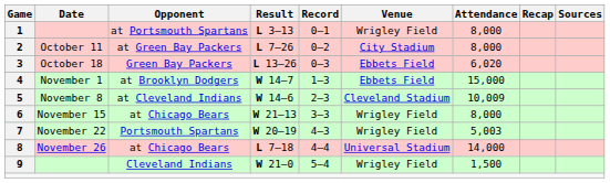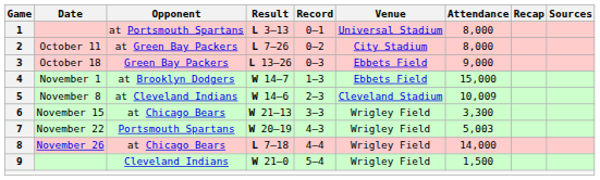 <table class="wikitable" style="text-align:center">
 <tr>
 <th>Game</th>
 <th>Date</th>
 <th>Opponent</th>
 <th>Result</th>
 <th>Record</th>
 <th>Venue</th>
 <th>Attendance</th>
 <th>Recap</th>
 <th>Sources</th>
 </tr>
 <tr style="background:#fcc">
 <th>1</th>
 <td></td>
 <td>at <a href='#'>Portsmouth Spartans</a></td>
 <td><strong>L</strong> 3–13</td>
 <td>0–1</td>
-<td>Wrigley Field</td>
+<td><a href='#'>Universal Stadium</a></td>
 <td>8,000</td>
 <td></td>
 <td></td>
 </tr>
 <tr style="background:#fcc">
 <th>2</th>
 <td>October 11</td>
 <td>at <a href='#'>Green Bay Packers</a></td>
 <td><strong>L</strong> 7–26</td>
 <td>0–2</td>
 <td><a href='#'>City Stadium</a></td>
 <td>8,000</td>
 <td></td>
 <td></td>
 </tr>
 <tr style="background:#fcc">
 <th>3</th>
 <td>October 18</td>
 <td><a href='#'>Green Bay Packers</a></td>
 <td><strong>L</strong> 13–26</td>
 <td>0–3</td>
 <td><a href='#'>Ebbets Field</a></td>
-<td>6,020</td>
+<td>9,000</td>
 <td></td>
 <td></td>
 </tr>
 <tr style="background:#cfc">
 <th>4</th>
 <td>November 1</td>
 <td>at <a href='#'>Brooklyn Dodgers</a></td>
 <td><strong>W</strong> 14–7</td>
 <td>1–3</td>
 <td><a href='#'>Ebbets Field</a></td>
 <td>15,000</td>
 <td></td>
 <td></td>
 </tr>
 <tr style="background:#cfc">
 <th>5</th>
 <td>November 8</td>
 <td>at <a href='#'>Cleveland Indians</a></td>
 <td><strong>W</strong> 14–6</td>
 <td>2–3</td>
 <td><a href='#'>Cleveland Stadium</a></td>
 <td>10,009</td>
 <td></td>
 <td></td>
 </tr>
 <tr style="background:#cfc">
 <th>6</th>
 <td>November 15</td>
 <td>at <a href='#'>Chicago Bears</a></td>
 <td><strong>W</strong> 21–13</td>
 <td>3–3</td>
 <td>Wrigley Field</td>
-<td>8,000</td>
+<td>3,300</td>
 <td></td>
 <td></td>
 </tr>
 <tr style="background:#cfc">
 <th>7</th>
 <td>November 22</td>
 <td><a href='#'>Portsmouth Spartans</a></td>
 <td><strong>W</strong> 20–19</td>
 <td>4–3</td>
 <td>Wrigley Field</td>
 <td>5,003</td>
 <td></td>
 <td></td>
 </tr>
 <tr style="background:#fcc">
 <th>8</th>
 <td><a href='#'>November 26</a></td>
 <td>at <a href='#'>Chicago Bears</a></td>
 <td><strong>L</strong> 7–18</td>
 <td>4–4</td>
-<td><a href='#'>Universal Stadium</a></td>
+<td>Wrigley Field</td>
 <td>14,000</td>
 <td></td>
 <td></td>
 </tr>
 <tr style="background:#cfc">
 <th>9</th>
 <td></td>
 <td><a href='#'>Cleveland Indians</a></td>
 <td><strong>W</strong> 21–0</td>
 <td>5–4</td>
 <td>Wrigley Field</td>
 <td>1,500</td>
 <td></td>
 <td></td>
 </tr>
 <tr>
 <td colspan="10"></td>
 </tr>
 </table>
